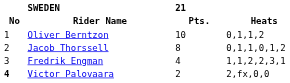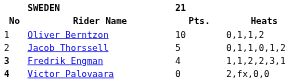 <table class="toccolours">
 <tr>
 <td></td>
 <td><strong>SWEDEN</strong></td>
 <td><strong>21</strong></td>
 </tr>
 <tr>
 <th width=30px>No</th>
 <th width=210px>Rider Name</th>
 <th width=70px>Pts.</th>
 <th width=110px>Heats</th>
 </tr>
 <tr style="background-color:">
 <td>1</td>
 <td><a href='#'>Oliver Berntzon</a></td>
 <td>10</td>
 <td>0,1,1,2</td>
 </tr>
 <tr style="background-color:">
 <td>2</td>
 <td><a href='#'>Jacob Thorssell</a></td>
-<td>8</td>
+<td>5</td>
 <td>0,1,1,0,1,2</td>
 </tr>
 <tr style="background-color:">
-<td>3</td>
+<td><strong>3</strong></td>
 <td><a href='#'>Fredrik Engman</a></td>
 <td>4</td>
 <td>1,1,2,2,3,1</td>
 </tr>
 <tr style="background-color:">
 <td><strong>4</strong></td>
 <td><a href='#'>Victor Palovaara</a></td>
-<td>2</td>
+<td>0</td>
 <td>2,fx,0,0</td>
 </tr>
 </table>
